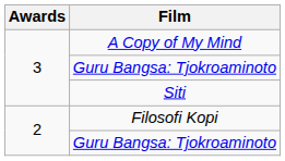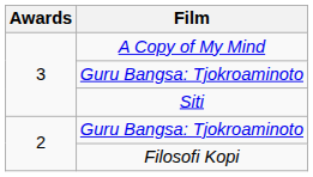 <table class="wikitable plainrowheaders" style="text-align:center;">
 <tr>
 <th scope="col" style="width:55px;">Awards</th>
 <th scope="col" style="text-align:center;">Film</th>
 </tr>
 <tr>
 <td rowspan="3">3</td>
 <td><em><a href='#'>A Copy of My Mind</a></em></td>
 </tr>
 <tr>
 <td><em><a href='#'>Guru Bangsa: Tjokroaminoto</a></em></td>
 </tr>
 <tr>
 <td><em><a href='#'>Siti</a></em></td>
 </tr>
 <tr>
 <td rowspan="2">2</td>
+<td><em><a href='#'>Guru Bangsa: Tjokroaminoto</a></em></td>
+</tr>
+<tr>
 <td><em>Filosofi Kopi</em></td>
 </tr>
-<tr>
-<td><em><a href='#'>Guru Bangsa: Tjokroaminoto</a></em></td>
-</tr>
 </table>
